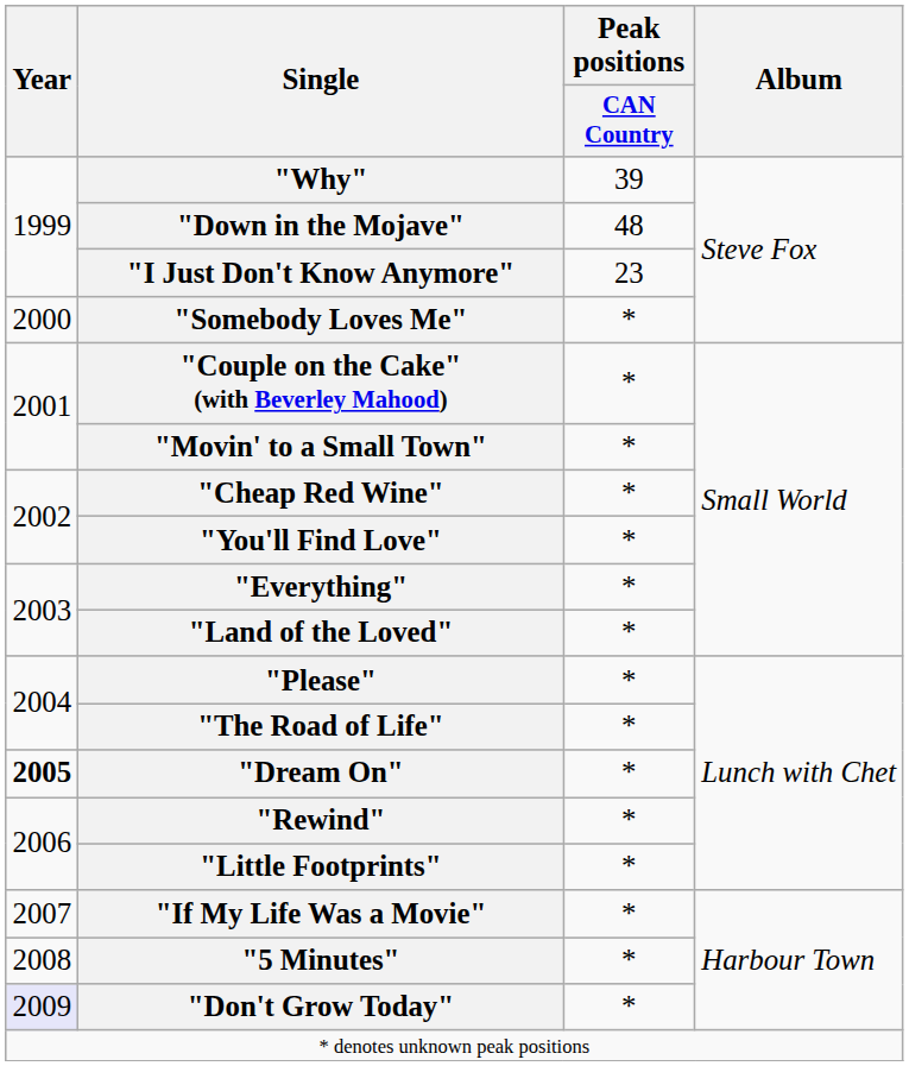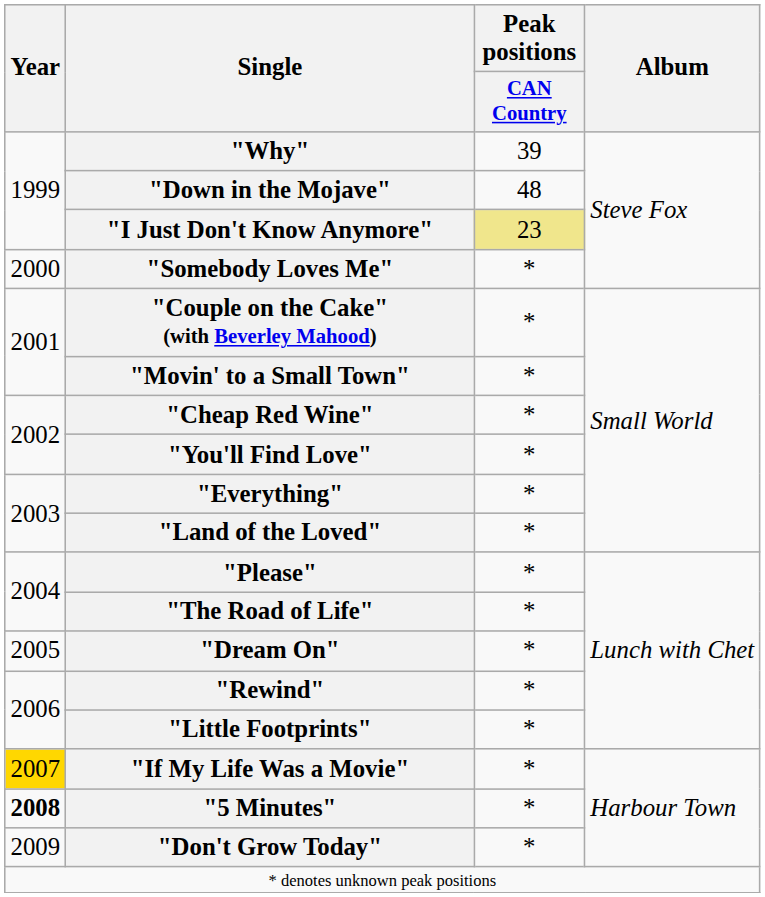 <table class="wikitable plainrowheaders" style="text-align:center;">
 <tr>
 <th rowspan="2">Year</th>
 <th rowspan="2" style="width:16em;">Single</th>
 <th colspan="1">Peak positions</th>
 <th rowspan="2">Album</th>
 </tr>
 <tr style="font-size:smaller;">
 <th width="65"><a href='#'>CAN Country</a></th>
 </tr>
 <tr>
 <td rowspan="3">1999</td>
 <th scope="row">"Why"</th>
 <td>39</td>
 <td align="left" rowspan="4"><em>Steve Fox</em></td>
 </tr>
 <tr>
 <th scope="row">"Down in the Mojave"</th>
 <td>48</td>
 </tr>
 <tr>
 <th scope="row">"I Just Don't Know Anymore"</th>
-<td>23</td>
+<td style="background: khaki;">23</td>
 </tr>
 <tr>
 <td>2000</td>
 <th scope="row">"Somebody Loves Me"</th>
 <td>*</td>
 </tr>
 <tr>
 <td rowspan="2">2001</td>
 <th scope="row">"Couple on the Cake"<br><small>(with <a href='#'>Beverley Mahood</a>)</small></th>
 <td>*</td>
 <td align="left" rowspan="6"><em>Small World</em></td>
 </tr>
 <tr>
 <th scope="row">"Movin' to a Small Town"</th>
 <td>*</td>
 </tr>
 <tr>
 <td rowspan="2">2002</td>
 <th scope="row">"Cheap Red Wine"</th>
 <td>*</td>
 </tr>
 <tr>
 <th scope="row">"You'll Find Love"</th>
 <td>*</td>
 </tr>
 <tr>
 <td rowspan="2">2003</td>
 <th scope="row">"Everything"</th>
 <td>*</td>
 </tr>
 <tr>
 <th scope="row">"Land of the Loved"</th>
 <td>*</td>
 </tr>
 <tr>
 <td rowspan="2">2004</td>
 <th scope="row">"Please"</th>
 <td>*</td>
 <td align="left" rowspan="5"><em>Lunch with Chet</em></td>
 </tr>
 <tr>
 <th scope="row">"The Road of Life"</th>
 <td>*</td>
 </tr>
 <tr>
-<td><strong>2005</strong></td>
+<td>2005</td>
 <th scope="row">"Dream On"</th>
 <td>*</td>
 </tr>
 <tr>
 <td rowspan="2">2006</td>
 <th scope="row">"Rewind"</th>
 <td>*</td>
 </tr>
 <tr>
 <th scope="row">"Little Footprints"</th>
 <td>*</td>
 </tr>
 <tr>
-<td>2007</td>
+<td style="background: gold;">2007</td>
 <th scope="row">"If My Life Was a Movie"</th>
 <td>*</td>
 <td align="left" rowspan="3"><em>Harbour Town</em></td>
 </tr>
 <tr>
-<td>2008</td>
+<td><strong>2008</strong></td>
 <th scope="row">"5 Minutes"</th>
 <td>*</td>
 </tr>
 <tr>
-<td style="background: lavender;">2009</td>
+<td>2009</td>
 <th scope="row">"Don't Grow Today"</th>
 <td>*</td>
 </tr>
 <tr>
 <td colspan="4" style="font-size:8pt">* denotes unknown peak positions</td>
 </tr>
 <tr>
 </tr>
 </table>
